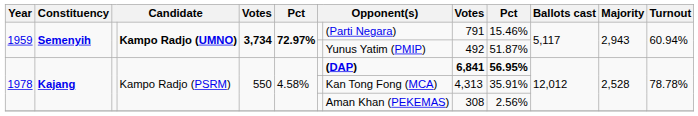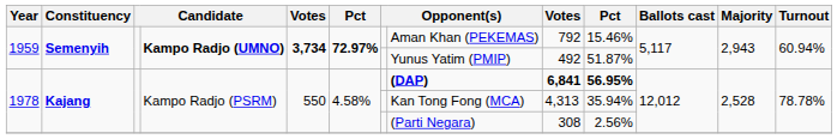 <table class="wikitable" style="margin:0.5em ; font-size:95%">
 <tr>
 <th>Year</th>
 <th>Constituency</th>
 <th colspan=2>Candidate</th>
 <th>Votes</th>
 <th>Pct</th>
 <th colspan=2>Opponent(s)</th>
 <th>Votes</th>
 <th>Pct</th>
 <th>Ballots cast</th>
 <th>Majority</th>
 <th>Turnout</th>
 </tr>
 <tr>
 <td rowspan=2><a href='#'>1959</a></td>
 <td rowspan=2><strong><a href='#'>Semenyih</a></strong></td>
 <td rowspan=2 ></td>
 <td rowspan=2><strong>Kampo Radjo (<a href='#'>UMNO</a>)</strong></td>
 <td rowspan=2 align=right><strong>3,734</strong></td>
 <td rowspan=2><strong>72.97%</strong></td>
 <td></td>
-<td> (<a href='#'>Parti Negara</a>)</td>
-<td align=right>791</td>
+<td>Aman Khan (<a href='#'>PEKEMAS</a>)</td>
+<td align=right>792</td>
 <td>15.46%</td>
 <td rowspan=2>5,117</td>
 <td rowspan=2>2,943</td>
 <td rowspan=2>60.94%</td>
 </tr>
 <tr>
 <td></td>
 <td>Yunus Yatim (<a href='#'>PMIP</a>)</td>
 <td align="right">492</td>
 <td align=right>51.87%</td>
 </tr>
 <tr>
 <td rowspan=3><a href='#'>1978</a></td>
 <td rowspan=3><strong><a href='#'>Kajang</a></strong></td>
 <td rowspan=3 ></td>
 <td rowspan=3>Kampo Radjo (<a href='#'>PSRM</a>)</td>
 <td rowspan=3 align=right>550</td>
 <td rowspan=3>4.58%</td>
 <td></td>
 <td><strong></strong> <strong>(<a href='#'>DAP</a>)</strong></td>
 <td align=right><strong>6,841</strong></td>
 <td><strong>56.95%</strong></td>
 <td rowspan=3>12,012</td>
 <td rowspan=3>2,528</td>
 <td rowspan=3>78.78%</td>
 </tr>
 <tr>
 <td></td>
 <td>Kan Tong Fong (<a href='#'>MCA</a>)</td>
 <td>4,313</td>
-<td>35.91%</td>
+<td>35.94%</td>
 </tr>
 <tr>
 <td></td>
-<td>Aman Khan (<a href='#'>PEKEMAS</a>)</td>
+<td> (<a href='#'>Parti Negara</a>)</td>
 <td align=right>308</td>
 <td align=right>2.56%</td>
 </tr>
 <tr>
 </tr>
 </table>
